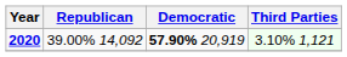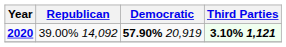 <table class="wikitable" style="float:right; font-size:95%;">
 <tr bgcolor=lightgrey>
 <th>Year</th>
 <th><a href='#'>Republican</a></th>
 <th><a href='#'>Democratic</a></th>
 <th><a href='#'>Third Parties</a></th>
 </tr>
 <tr>
 <td style="text-align:center; "><strong><a href='#'>2020</a></strong></td>
 <td style="text-align:center; ">39.00% <em>14,092</em></td>
 <td style="text-align:center; "><strong>57.90%</strong> <em>20,919</em></td>
-<td style="text-align:center; background:honeyDew;">3.10% <em>1,121</em></td>
+<td style="text-align:center; background:honeyDew;"><strong>3.10% <em>1,121</em></strong></td>
 </tr>
 <tr>
 </tr>
 </table>
